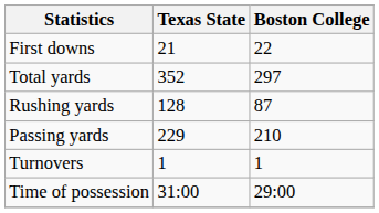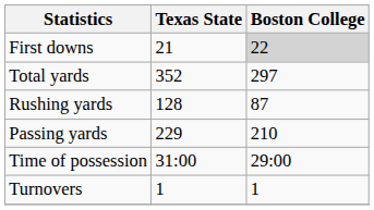 <table class="wikitable">
 <tr>
 <th>Statistics</th>
 <th>Texas State</th>
 <th>Boston College</th>
 </tr>
 <tr>
 <td>First downs</td>
 <td>21</td>
-<td>22</td>
+<td style="background: lightgrey;">22</td>
 </tr>
 <tr>
 <td>Total yards</td>
 <td>352</td>
 <td>297</td>
 </tr>
 <tr>
 <td>Rushing yards</td>
 <td>128</td>
 <td>87</td>
 </tr>
 <tr>
 <td>Passing yards</td>
 <td>229</td>
 <td>210</td>
 </tr>
 <tr>
+<td>Time of possession</td>
+<td>31:00</td>
+<td>29:00</td>
+</tr>
+<tr>
 <td>Turnovers</td>
 <td>1</td>
 <td>1</td>
 </tr>
 <tr>
-<td>Time of possession</td>
-<td>31:00</td>
-<td>29:00</td>
-</tr>
-<tr>
 </tr>
 </table>
